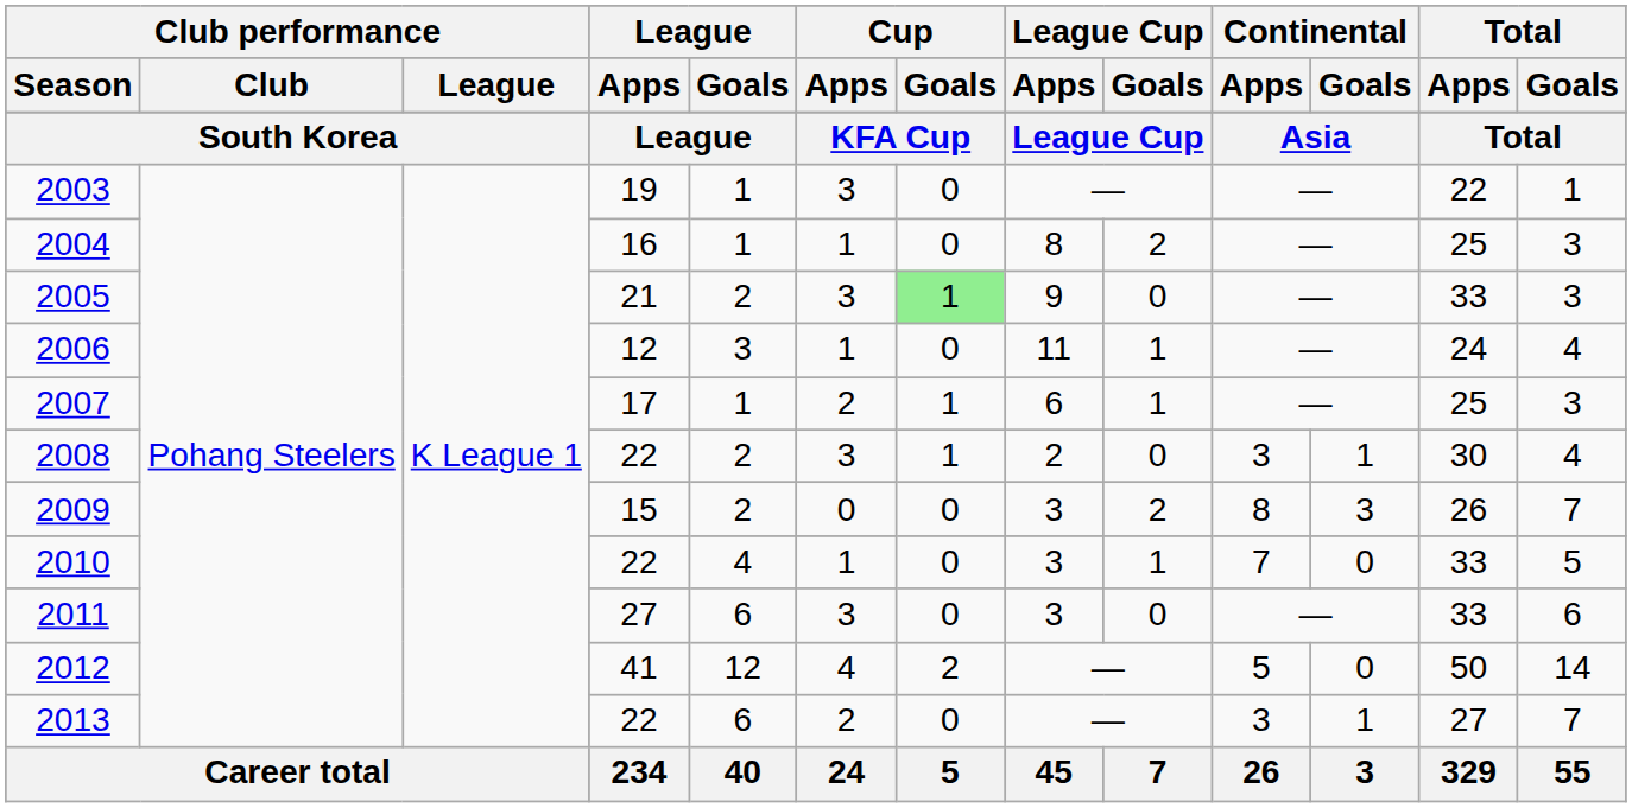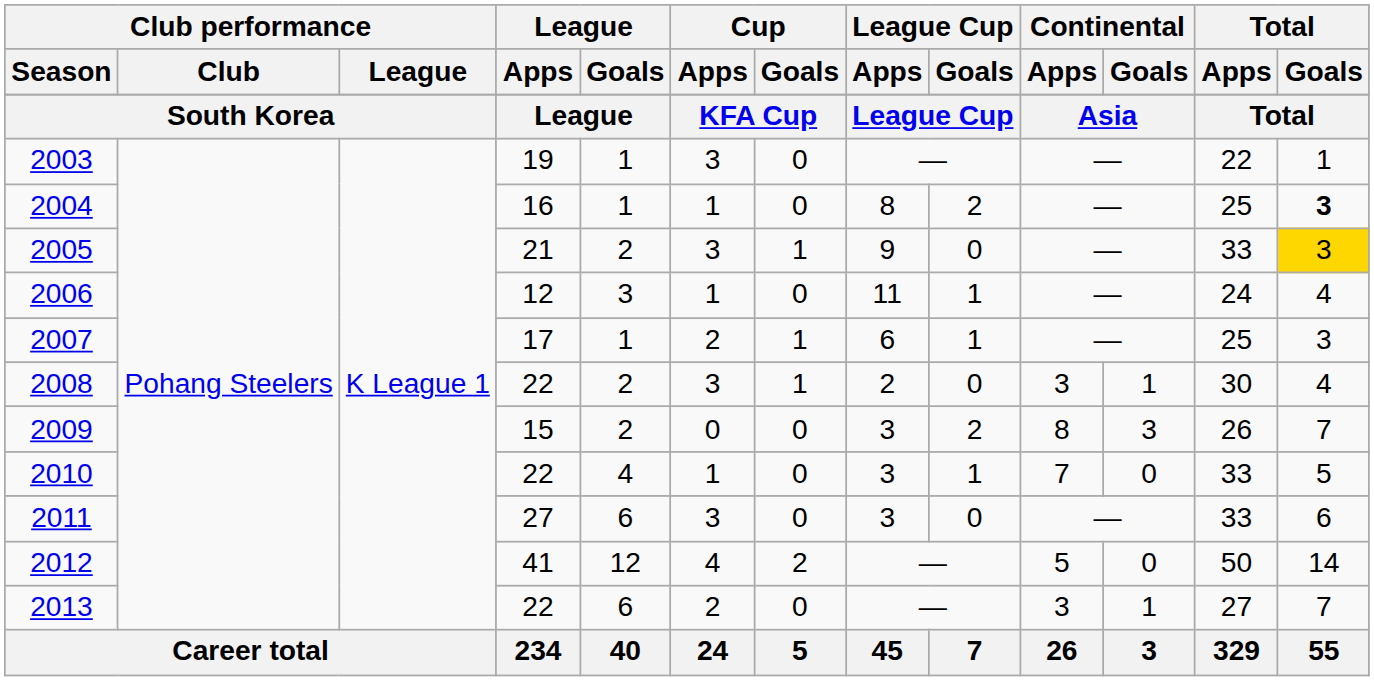 <table class="wikitable" style="text-align:center">
 <tr>
 <th colspan=3>Club performance</th>
 <th colspan=2>League</th>
 <th colspan=2>Cup</th>
 <th colspan=2>League Cup</th>
 <th colspan=2>Continental</th>
 <th colspan=2>Total</th>
 </tr>
 <tr>
 <th>Season</th>
 <th>Club</th>
 <th>League</th>
 <th>Apps</th>
 <th>Goals</th>
 <th>Apps</th>
 <th>Goals</th>
 <th>Apps</th>
 <th>Goals</th>
 <th>Apps</th>
 <th>Goals</th>
 <th>Apps</th>
 <th>Goals</th>
 </tr>
 <tr>
 </tr>
 <tr>
 <th colspan=3>South Korea</th>
 <th colspan=2>League</th>
 <th colspan=2><a href='#'>KFA Cup</a></th>
 <th colspan=2><a href='#'>League Cup</a></th>
 <th colspan=2><a href='#'>Asia</a></th>
 <th colspan=2>Total</th>
 </tr>
 <tr>
 <td><a href='#'>2003</a></td>
 <td rowspan="11"><a href='#'>Pohang Steelers</a></td>
 <td rowspan="11"><a href='#'>K League 1</a></td>
 <td>19</td>
 <td>1</td>
 <td>3</td>
 <td>0</td>
 <td colspan="2">—</td>
 <td colspan="2">—</td>
 <td>22</td>
 <td>1</td>
 </tr>
 <tr>
 <td><a href='#'>2004</a></td>
 <td>16</td>
 <td>1</td>
 <td>1</td>
 <td>0</td>
 <td>8</td>
 <td>2</td>
 <td colspan="2">—</td>
 <td>25</td>
-<td>3</td>
+<td><strong>3</strong></td>
 </tr>
 <tr>
 <td><a href='#'>2005</a></td>
 <td>21</td>
 <td>2</td>
 <td>3</td>
-<td style="background: lightgreen;">1</td>
+<td>1</td>
 <td>9</td>
 <td>0</td>
 <td colspan="2">—</td>
 <td>33</td>
-<td>3</td>
+<td style="background: gold;">3</td>
 </tr>
 <tr>
 <td><a href='#'>2006</a></td>
 <td>12</td>
 <td>3</td>
 <td>1</td>
 <td>0</td>
 <td>11</td>
 <td>1</td>
 <td colspan="2">—</td>
 <td>24</td>
 <td>4</td>
 </tr>
 <tr>
 <td><a href='#'>2007</a></td>
 <td>17</td>
 <td>1</td>
 <td>2</td>
 <td>1</td>
 <td>6</td>
 <td>1</td>
 <td colspan="2">—</td>
 <td>25</td>
 <td>3</td>
 </tr>
 <tr>
 <td><a href='#'>2008</a></td>
 <td>22</td>
 <td>2</td>
 <td>3</td>
 <td>1</td>
 <td>2</td>
 <td>0</td>
 <td>3</td>
 <td>1</td>
 <td>30</td>
 <td>4</td>
 </tr>
 <tr>
 <td><a href='#'>2009</a></td>
 <td>15</td>
 <td>2</td>
 <td>0</td>
 <td>0</td>
 <td>3</td>
 <td>2</td>
 <td>8</td>
 <td>3</td>
 <td>26</td>
 <td>7</td>
 </tr>
 <tr>
 <td><a href='#'>2010</a></td>
 <td>22</td>
 <td>4</td>
 <td>1</td>
 <td>0</td>
 <td>3</td>
 <td>1</td>
 <td>7</td>
 <td>0</td>
 <td>33</td>
 <td>5</td>
 </tr>
 <tr>
 <td><a href='#'>2011</a></td>
 <td>27</td>
 <td>6</td>
 <td>3</td>
 <td>0</td>
 <td>3</td>
 <td>0</td>
 <td colspan="2">—</td>
 <td>33</td>
 <td>6</td>
 </tr>
 <tr>
 <td><a href='#'>2012</a></td>
 <td>41</td>
 <td>12</td>
 <td>4</td>
 <td>2</td>
 <td colspan="2">—</td>
 <td>5</td>
 <td>0</td>
 <td>50</td>
 <td>14</td>
 </tr>
 <tr>
 <td><a href='#'>2013</a></td>
 <td>22</td>
 <td>6</td>
 <td>2</td>
 <td>0</td>
 <td colspan="2">—</td>
 <td>3</td>
 <td>1</td>
 <td>27</td>
 <td>7</td>
 </tr>
 <tr>
 <th colspan=3>Career total</th>
 <th>234</th>
 <th>40</th>
 <th>24</th>
 <th>5</th>
 <th>45</th>
 <th>7</th>
 <th>26</th>
 <th>3</th>
 <th>329</th>
 <th>55</th>
 </tr>
 </table>
